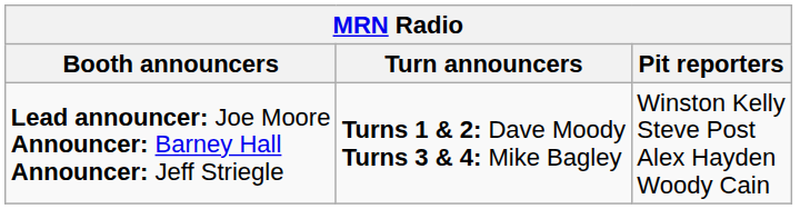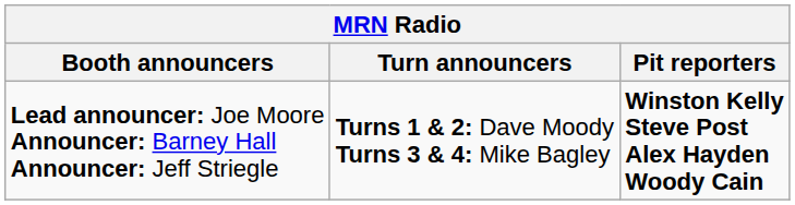 <table class="wikitable" style="font-size: 95%;">
 <tr>
 <th colspan="3"><a href='#'>MRN</a> Radio</th>
 </tr>
 <tr>
 <th>Booth announcers</th>
 <th>Turn announcers</th>
 <th>Pit reporters</th>
 </tr>
 <tr>
 <td><strong>Lead announcer:</strong> Joe Moore<br><strong>Announcer:</strong> <a href='#'>Barney Hall</a><br><strong>Announcer:</strong> Jeff Striegle</td>
 <td><strong>Turns 1 & 2:</strong> Dave Moody<br><strong>Turns 3 & 4:</strong> Mike Bagley</td>
-<td>Winston Kelly<br>Steve Post<br>Alex Hayden<br>Woody Cain</td>
+<td><strong>Winston Kelly<br>Steve Post<br>Alex Hayden<br>Woody Cain</strong></td>
 </tr>
 </table>
